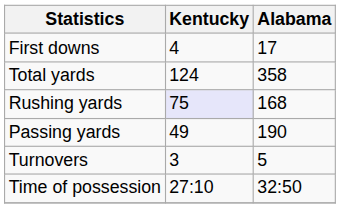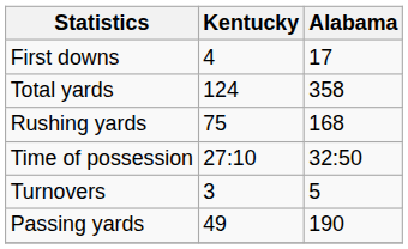 <table class="wikitable" style="float: left;">
 <tr>
 <th>Statistics</th>
 <th style=>Kentucky</th>
 <th>Alabama</th>
 </tr>
 <tr>
 <td>First downs</td>
 <td>4</td>
 <td>17</td>
 </tr>
 <tr>
 <td>Total yards</td>
 <td>124</td>
 <td>358</td>
 </tr>
 <tr>
 <td>Rushing yards</td>
-<td style="background: lavender;">75</td>
+<td>75</td>
 <td>168</td>
+</tr>
+<tr>
+<td>Time of possession</td>
+<td>27:10</td>
+<td>32:50</td>
+</tr>
+<tr>
+<td>Turnovers</td>
+<td>3</td>
+<td>5</td>
 </tr>
 <tr>
 <td>Passing yards</td>
 <td>49</td>
 <td>190</td>
 </tr>
 <tr>
-<td>Turnovers</td>
-<td>3</td>
-<td>5</td>
-</tr>
-<tr>
-<td>Time of possession</td>
-<td>27:10</td>
-<td>32:50</td>
-</tr>
-<tr>
 </tr>
 </table>
